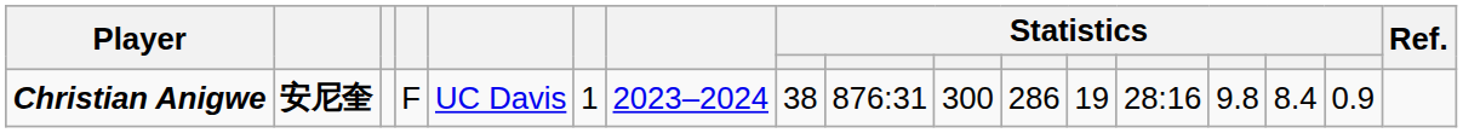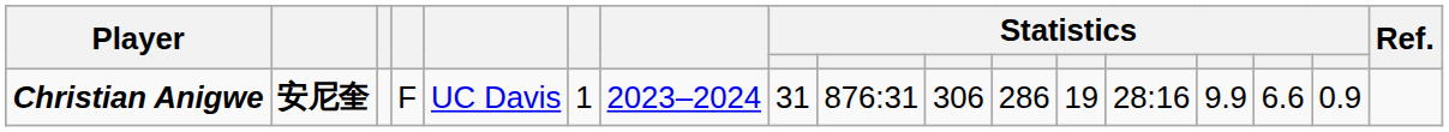 <table class="wikitable sortable" style="font-size:95%; text-align:right;">
 <tr>
 <th rowspan="2">Player</th>
 <th rowspan="2"></th>
 <th rowspan="2"></th>
 <th rowspan="2"></th>
 <th rowspan="2"></th>
 <th rowspan="2"></th>
 <th rowspan="2"></th>
 <th colspan="9">Statistics</th>
 <th rowspan="2">Ref.</th>
 </tr>
 <tr>
 <th></th>
 <th></th>
 <th></th>
 <th></th>
 <th></th>
 <th></th>
 <th></th>
 <th></th>
 <th></th>
 </tr>
 <tr>
 <td align="left"><strong><em>Christian Anigwe</em></strong></td>
 <td align="left"><strong>安尼奎</strong></td>
 <td align="center"></td>
 <td align="center">F</td>
 <td align="left"><a href='#'>UC Davis</a></td>
 <td align="center">1</td>
 <td align="center"><a href='#'>2023–2024</a></td>
-<td>38</td>
+<td>31</td>
 <td>876:31</td>
-<td>300</td>
+<td>306</td>
 <td>286</td>
 <td>19</td>
 <td>28:16</td>
-<td>9.8</td>
-<td>8.4</td>
+<td>9.9</td>
+<td>6.6</td>
 <td>0.9</td>
 <td align="center"></td>
 </tr>
 </table>
